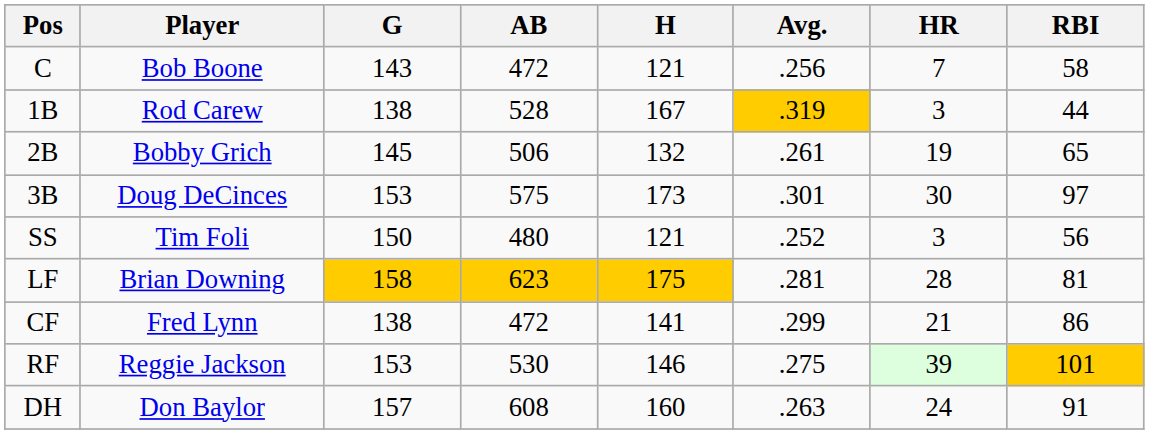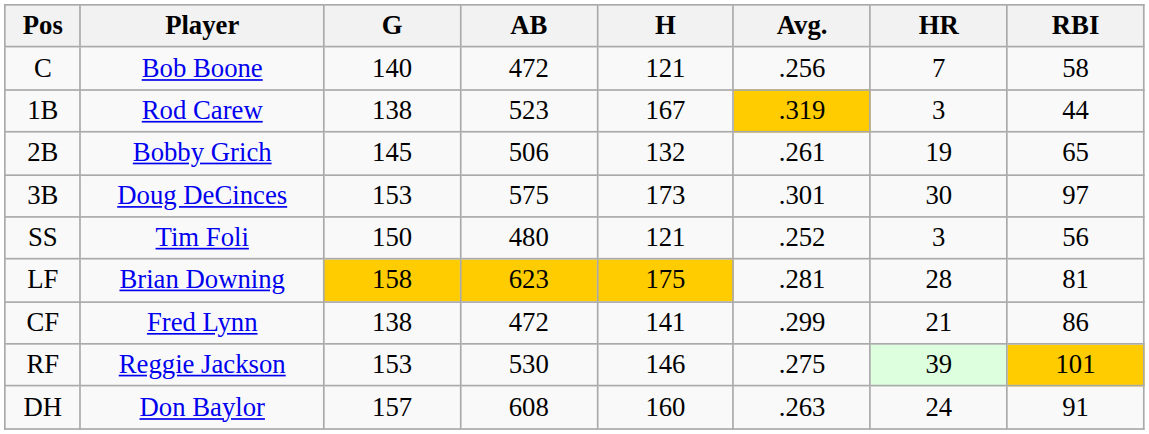 <table class="wikitable sortable">
 <tr>
 <th bgcolor="#DDDDFF" width="5%">Pos</th>
 <th bgcolor="#DDDDFF" width="16%">Player</th>
 <th bgcolor="#DDDDFF" width="9%">G</th>
 <th bgcolor="#DDDDFF" width="9%">AB</th>
 <th bgcolor="#DDDDFF" width="9%">H</th>
 <th bgcolor="#DDDDFF" width="9%">Avg.</th>
 <th bgcolor="#DDDDFF" width="9%">HR</th>
 <th bgcolor="#DDDDFF" width="9%">RBI</th>
 </tr>
 <tr align="center">
 <td>C</td>
 <td><a href='#'>Bob Boone</a></td>
-<td>143</td>
+<td>140</td>
 <td>472</td>
 <td>121</td>
 <td>.256</td>
 <td>7</td>
 <td>58</td>
 </tr>
 <tr align="center">
 <td>1B</td>
 <td><a href='#'>Rod Carew</a></td>
 <td>138</td>
-<td>528</td>
+<td>523</td>
 <td>167</td>
 <td style="background:#fc0;">.319</td>
 <td>3</td>
 <td>44</td>
 </tr>
 <tr align="center">
 <td>2B</td>
 <td><a href='#'>Bobby Grich</a></td>
 <td>145</td>
 <td>506</td>
 <td>132</td>
 <td>.261</td>
 <td>19</td>
 <td>65</td>
 </tr>
 <tr align="center">
 <td>3B</td>
 <td><a href='#'>Doug DeCinces</a></td>
 <td>153</td>
 <td>575</td>
 <td>173</td>
 <td>.301</td>
 <td>30</td>
 <td>97</td>
 </tr>
 <tr align="center">
 <td>SS</td>
 <td><a href='#'>Tim Foli</a></td>
 <td>150</td>
 <td>480</td>
 <td>121</td>
 <td>.252</td>
 <td>3</td>
 <td>56</td>
 </tr>
 <tr align="center">
 <td>LF</td>
 <td><a href='#'>Brian Downing</a></td>
 <td style="background:#fc0;">158</td>
 <td style="background:#fc0;">623</td>
 <td style="background:#fc0;">175</td>
 <td>.281</td>
 <td>28</td>
 <td>81</td>
 </tr>
 <tr align="center">
 <td>CF</td>
 <td><a href='#'>Fred Lynn</a></td>
 <td>138</td>
 <td>472</td>
 <td>141</td>
 <td>.299</td>
 <td>21</td>
 <td>86</td>
 </tr>
 <tr align="center">
 <td>RF</td>
 <td><a href='#'>Reggie Jackson</a></td>
 <td>153</td>
 <td>530</td>
 <td>146</td>
 <td>.275</td>
 <td style="background:#DDFFDD;">39</td>
 <td style="background:#fc0;">101</td>
 </tr>
 <tr align="center">
 <td>DH</td>
 <td><a href='#'>Don Baylor</a></td>
 <td>157</td>
 <td>608</td>
 <td>160</td>
 <td>.263</td>
 <td>24</td>
 <td>91</td>
 </tr>
 </table>
